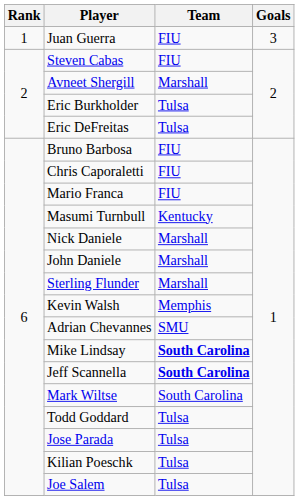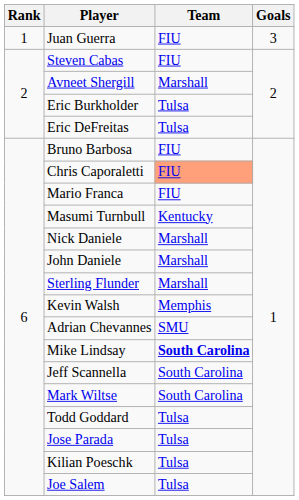 <table class="wikitable" style="text-align:center">
 <tr>
 <th>Rank</th>
 <th>Player</th>
 <th>Team</th>
 <th>Goals</th>
 </tr>
 <tr>
 <td>1</td>
 <td align=left>Juan Guerra</td>
 <td align=left><a href='#'>FIU</a></td>
 <td>3</td>
 </tr>
 <tr>
 <td rowspan=4>2</td>
 <td align=left><a href='#'>Steven Cabas</a></td>
 <td align=left><a href='#'>FIU</a></td>
 <td rowspan=4>2</td>
 </tr>
 <tr>
 <td align=left><a href='#'>Avneet Shergill</a></td>
 <td align=left><a href='#'>Marshall</a></td>
 </tr>
 <tr>
 <td align=left>Eric Burkholder</td>
 <td align=left><a href='#'>Tulsa</a></td>
 </tr>
 <tr>
 <td align=left>Eric DeFreitas</td>
 <td align=left><a href='#'>Tulsa</a></td>
 </tr>
 <tr>
 <td rowspan=16>6</td>
 <td align=left>Bruno Barbosa</td>
 <td align=left><a href='#'>FIU</a></td>
 <td rowspan=16>1</td>
 </tr>
 <tr>
 <td align=left>Chris Caporaletti</td>
-<td align=left><a href='#'>FIU</a></td>
+<td align=left style="background: lightsalmon;"><a href='#'>FIU</a></td>
 </tr>
 <tr>
 <td align=left>Mario Franca</td>
 <td align=left><a href='#'>FIU</a></td>
 </tr>
 <tr>
 <td align=left>Masumi Turnbull</td>
 <td align=left><a href='#'>Kentucky</a></td>
 </tr>
 <tr>
 <td align=left>Nick Daniele</td>
 <td align=left><a href='#'>Marshall</a></td>
 </tr>
 <tr>
 <td align=left>John Daniele</td>
 <td align=left><a href='#'>Marshall</a></td>
 </tr>
 <tr>
 <td align=left><a href='#'>Sterling Flunder</a></td>
 <td align=left><a href='#'>Marshall</a></td>
 </tr>
 <tr>
 <td align=left>Kevin Walsh</td>
 <td align=left><a href='#'>Memphis</a></td>
 </tr>
 <tr>
 <td align=left>Adrian Chevannes</td>
 <td align=left><a href='#'>SMU</a></td>
 </tr>
 <tr>
 <td align=left>Mike Lindsay</td>
 <td align=left><strong><a href='#'>South Carolina</a></strong></td>
 </tr>
 <tr>
 <td align=left>Jeff Scannella</td>
-<td align=left><strong><a href='#'>South Carolina</a></strong></td>
+<td align=left><a href='#'>South Carolina</a></td>
 </tr>
 <tr>
 <td align=left><a href='#'>Mark Wiltse</a></td>
 <td align=left><a href='#'>South Carolina</a></td>
 </tr>
 <tr>
 <td align=left>Todd Goddard</td>
 <td align=left><a href='#'>Tulsa</a></td>
 </tr>
 <tr>
 <td align=left><a href='#'>Jose Parada</a></td>
 <td align=left><a href='#'>Tulsa</a></td>
 </tr>
 <tr>
 <td align=left>Kilian Poeschk</td>
 <td align=left><a href='#'>Tulsa</a></td>
 </tr>
 <tr>
 <td align=left><a href='#'>Joe Salem</a></td>
 <td align=left><a href='#'>Tulsa</a></td>
 </tr>
 </table>
